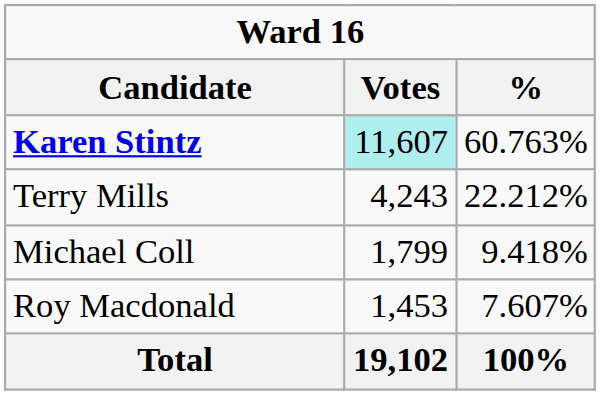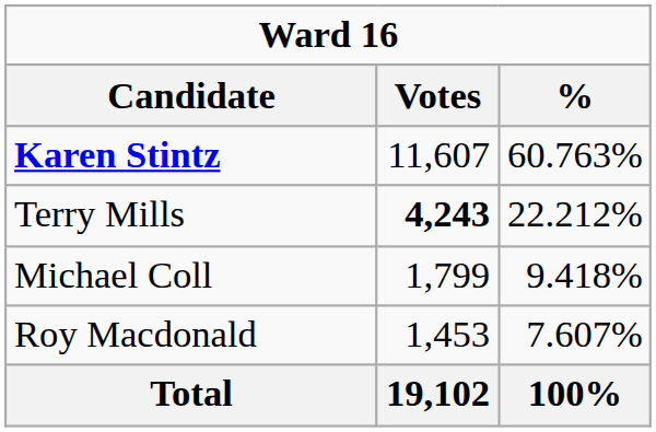 <table class="wikitable">
 <tr>
 <td Colspan="3" align="center"><strong>Ward 16</strong></td>
 </tr>
 <tr>
 <th bgcolor="#DDDDFF" width="150px">Candidate</th>
 <th bgcolor="#DDDDFF">Votes</th>
 <th bgcolor="#DDDDFF">%</th>
 </tr>
 <tr>
 <td><strong><a href='#'>Karen Stintz</a></strong></td>
-<td align=right style="background: paleturquoise;">11,607</td>
+<td align=right>11,607</td>
 <td align=right>60.763%</td>
 </tr>
 <tr>
 <td>Terry Mills</td>
-<td align=right>4,243</td>
+<td align=right><strong>4,243</strong></td>
 <td align=right>22.212%</td>
 </tr>
 <tr>
 <td>Michael Coll</td>
 <td align=right>1,799</td>
 <td align=right>9.418%</td>
 </tr>
 <tr>
 <td>Roy Macdonald</td>
 <td align=right>1,453</td>
 <td align=right>7.607%</td>
 </tr>
 <tr>
 <th>Total</th>
 <th align=right>19,102</th>
 <th align=right>100%</th>
 </tr>
 </table>
